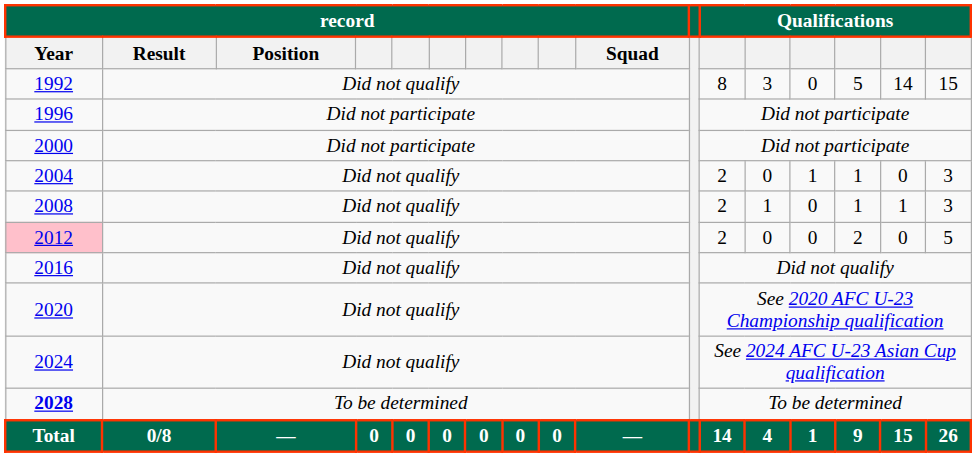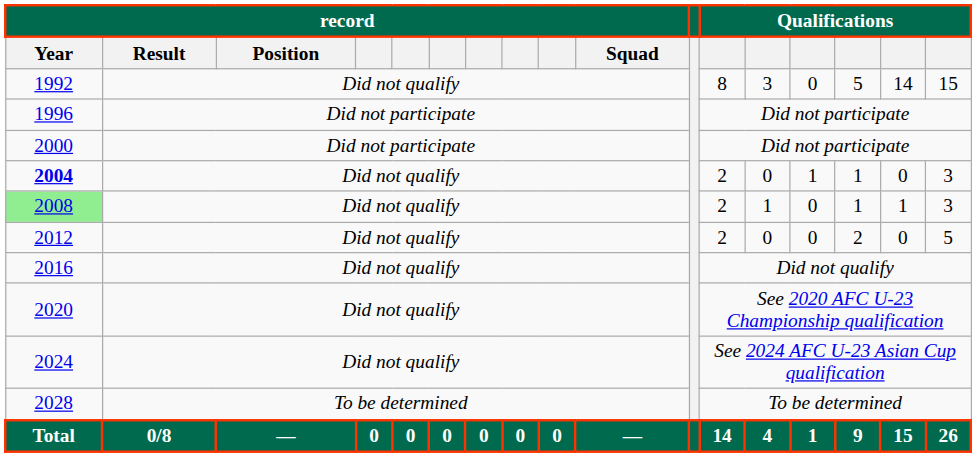 <table class="wikitable" style="text-align: center; font-size:100%; width: 800px">
 <tr>
 <th colspan=10 style="background: #006a4e;border: 2px solid #ff3300;color: #FFFFFF;"><a href='#'></a> record</th>
 <th style="background: #006a4e;border: 2px solid #ff3300; color: #FFFFFF;"></th>
 <th colspan="6" style="background: #006a4e;border: 2px solid #ff3300; color: #FFFFFF;">Qualifications</th>
 </tr>
 <tr>
 <th>Year</th>
 <th>Result</th>
 <th>Position</th>
 <th></th>
 <th></th>
 <th></th>
 <th></th>
 <th></th>
 <th></th>
 <th>Squad</th>
 <th rowspan="11" style="width:1%;"></th>
 <th width=30></th>
 <th width=30></th>
 <th width=30></th>
 <th width=30></th>
 <th width=30></th>
 <th width=30></th>
 </tr>
 <tr>
 <td style="text-align: center"> <a href='#'>1992</a></td>
 <td colspan="10" style="text-align:center"><em>Did not qualify</em></td>
 <td>8</td>
 <td>3</td>
 <td>0</td>
 <td>5</td>
 <td>14</td>
 <td>15</td>
 </tr>
 <tr>
 <td style="text-align: center"> <a href='#'>1996</a></td>
 <td colspan="10" style="text-align:center"><em>Did not participate</em></td>
 <td colspan="8" style="text-align:center"><em>Did not participate</em></td>
 </tr>
 <tr>
 <td style="text-align: center">  <a href='#'>2000</a></td>
 <td colspan="10" style="text-align:center"><em>Did not participate</em></td>
 <td colspan="8" style="text-align:center"><em>Did not participate</em></td>
 </tr>
 <tr>
-<td style="text-align: center"> <a href='#'>2004</a></td>
+<td style="text-align: center"><strong> <a href='#'>2004</a></strong></td>
 <td colspan="10" style="text-align:center"><em>Did not qualify</em></td>
 <td>2</td>
 <td>0</td>
 <td>1</td>
 <td>1</td>
 <td>0</td>
 <td>3</td>
 </tr>
 <tr>
-<td style="text-align: center"> <a href='#'>2008</a></td>
+<td style="background: lightgreen; text-align: center"> <a href='#'>2008</a></td>
 <td colspan="10" style="text-align:center"><em>Did not qualify</em></td>
 <td>2</td>
 <td>1</td>
 <td>0</td>
 <td>1</td>
 <td>1</td>
 <td>3</td>
 </tr>
 <tr>
-<td style="background: pink; text-align: center"> <a href='#'>2012</a></td>
+<td style="text-align: center"> <a href='#'>2012</a></td>
 <td colspan="10" style="text-align:center"><em>Did not qualify</em></td>
 <td>2</td>
 <td>0</td>
 <td>0</td>
 <td>2</td>
 <td>0</td>
 <td>5</td>
 </tr>
 <tr>
 <td style="text-align: center"> <a href='#'>2016</a></td>
 <td colspan="10" style="text-align:center"><em>Did not qualify</em></td>
 <td colspan="8" style="text-align:center"><em>Did not qualify</em></td>
 </tr>
 <tr>
 <td style="text-align: center"> <a href='#'>2020</a></td>
 <td colspan="10" style="text-align:center"><em>Did not qualify</em></td>
 <td colspan="6" style="text-align:center"><em>See <a href='#'>2020 AFC U-23 Championship qualification</a></em></td>
 </tr>
 <tr>
 <td style="text-align: center">  <a href='#'>2024</a></td>
 <td colspan="10" style="text-align:center"><em>Did not qualify</em></td>
 <td colspan="6" style="text-align:center"><em>See <a href='#'>2024 AFC U-23 Asian Cup qualification</a></em></td>
 </tr>
 <tr>
-<td style="text-align: center"><strong> <a href='#'>2028</a></strong></td>
+<td style="text-align: center"> <a href='#'>2028</a></td>
 <td colspan="10" style="text-align:center"><em>To be determined</em></td>
 <td colspan="6" style="text-align:center"><em>To be determined</em></td>
 </tr>
 <tr>
 <td style="background: #006a4e;border: 2px solid #ff3300;color: #FFFFFF;"><strong>Total</strong></td>
 <td style="background: #006a4e;border: 2px solid #ff3300;color: #FFFFFF;"><strong>0/8</strong></td>
 <td style="background: #006a4e;border: 2px solid #ff3300;color: #FFFFFF;"><strong>—</strong></td>
 <td style="background: #006a4e;border: 2px solid #ff3300;color: #FFFFFF;"><strong>0</strong></td>
 <td style="background: #006a4e;border: 2px solid #ff3300;color: #FFFFFF;"><strong>0</strong></td>
 <td style="background: #006a4e;border: 2px solid #ff3300;color: #FFFFFF;"><strong>0</strong></td>
 <td style="background: #006a4e;border: 2px solid #ff3300;color: #FFFFFF;"><strong>0</strong></td>
 <td style="background: #006a4e;border: 2px solid #ff3300;color: #FFFFFF;"><strong>0</strong></td>
 <td style="background: #006a4e;border: 2px solid #ff3300;color: #FFFFFF;"><strong>0</strong></td>
 <td style="background: #006a4e;border: 2px solid #ff3300;color: #FFFFFF;"><strong>—</strong></td>
 <td style="background: #006a4e;border: 2px solid #ff3300;color: #FFFFFF;"></td>
 <td style="background: #006a4e;border: 2px solid #ff3300;color: #FFFFFF;"><strong>14</strong></td>
 <td style="background: #006a4e;border: 2px solid #ff3300;color: #FFFFFF;"><strong>4</strong></td>
 <td style="background: #006a4e;border: 2px solid #ff3300;color: #FFFFFF;"><strong>1</strong></td>
 <td style="background: #006a4e;border: 2px solid #ff3300;color: #FFFFFF;"><strong>9</strong></td>
 <td style="background: #006a4e;border: 2px solid #ff3300;color: #FFFFFF;"><strong>15</strong></td>
 <td style="background: #006a4e;border: 2px solid #ff3300;color: #FFFFFF;"><strong>26</strong></td>
 </tr>
 </table>
